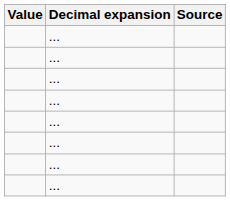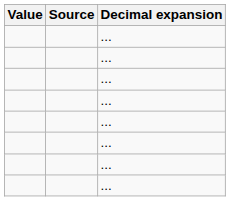 <table class="wikitable">
 <tr>
 <th scope="col">Value</th>
+<th scope="col">Source</th>
 <th scope="col">Decimal expansion</th>
-<th scope="col">Source</th>
 </tr>
 <tr>
 <td></td>
+<td></td>
 <td>...</td>
-<td></td>
 </tr>
 <tr>
 <td></td>
+<td></td>
 <td>...</td>
-<td></td>
 </tr>
 <tr>
 <td></td>
+<td></td>
 <td>...</td>
-<td></td>
 </tr>
 <tr>
 <td></td>
+<td></td>
 <td>...</td>
-<td></td>
 </tr>
 <tr>
 <td></td>
+<td></td>
 <td>...</td>
-<td></td>
 </tr>
 <tr>
 <td></td>
+<td></td>
 <td>...</td>
-<td></td>
 </tr>
 <tr>
 <td></td>
+<td></td>
 <td>...</td>
-<td></td>
 </tr>
 <tr>
 <td></td>
+<td></td>
 <td>...</td>
-<td></td>
 </tr>
 </table>
